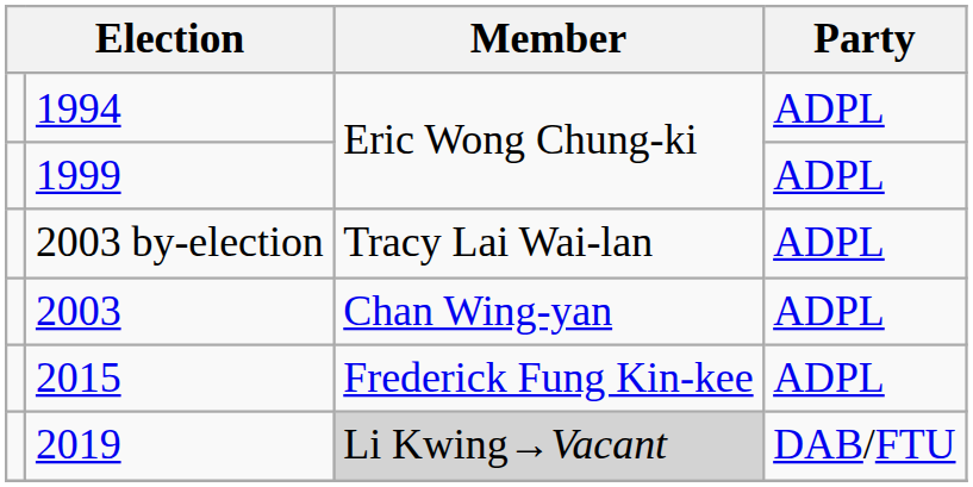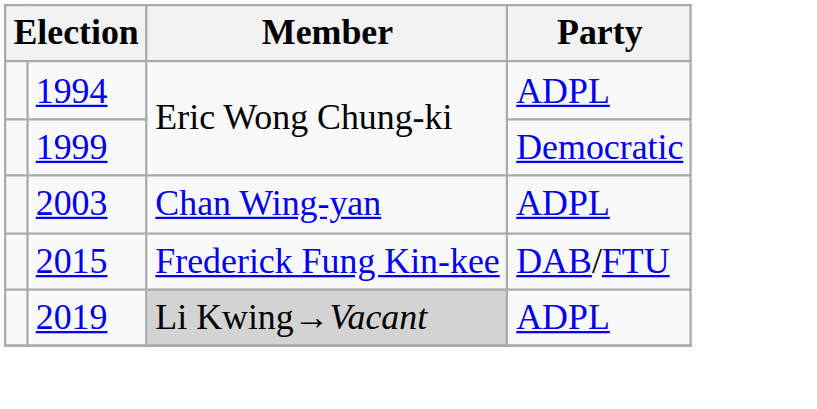 <table class="wikitable">
 <tr>
 <th colspan="2">Election</th>
 <th>Member</th>
 <th>Party</th>
 </tr>
 <tr>
 <td style="background-color: "></td>
 <td><a href='#'>1994</a></td>
 <td rowspan=2>Eric Wong Chung-ki</td>
 <td><a href='#'>ADPL</a></td>
 </tr>
 <tr>
 <td style="background-color: "></td>
 <td><a href='#'>1999</a></td>
-<td><a href='#'>ADPL</a></td>
-</tr>
-<tr>
-<td style="background-color: "></td>
-<td>2003 by-election</td>
-<td>Tracy Lai Wai-lan</td>
-<td><a href='#'>ADPL</a></td>
+<td><a href='#'>Democratic</a></td>
 </tr>
 <tr>
 <td style="background-color: "></td>
 <td><a href='#'>2003</a></td>
 <td><a href='#'>Chan Wing-yan</a></td>
 <td><a href='#'>ADPL</a></td>
 </tr>
 <tr>
 <td style="background-color: "></td>
 <td><a href='#'>2015</a></td>
 <td><a href='#'>Frederick Fung Kin-kee</a></td>
-<td><a href='#'>ADPL</a></td>
+<td><a href='#'>DAB</a>/<a href='#'>FTU</a></td>
 </tr>
 <tr>
 <td style="background-color: "></td>
 <td><a href='#'>2019</a></td>
 <td style="background: lightgrey;">Li Kwing→<em>Vacant</em></td>
-<td><a href='#'>DAB</a>/<a href='#'>FTU</a></td>
+<td><a href='#'>ADPL</a></td>
 </tr>
 <tr>
 </tr>
 </table>
